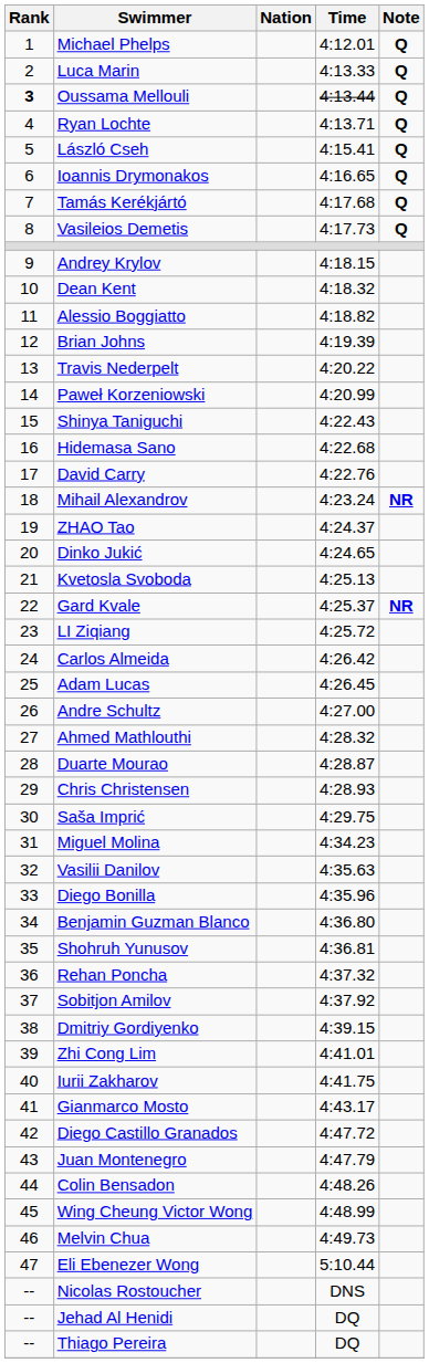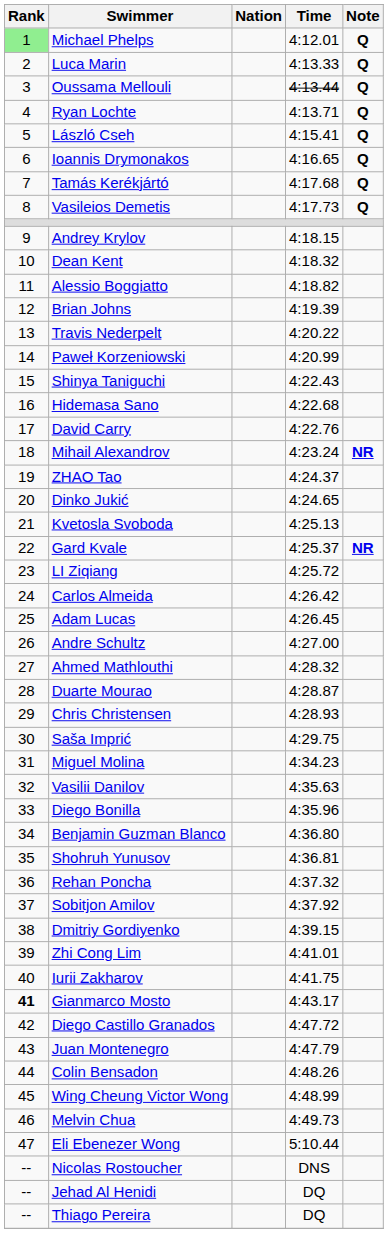 <table class="wikitable" style="text-align:center">
 <tr>
 <th>Rank</th>
 <th>Swimmer</th>
 <th>Nation</th>
 <th>Time</th>
 <th>Note</th>
 </tr>
 <tr>
-<td>1</td>
+<td style="background: lightgreen;">1</td>
 <td align=left><a href='#'>Michael Phelps</a></td>
 <td align=left></td>
 <td>4:12.01</td>
 <td><strong>Q</strong></td>
 </tr>
 <tr>
 <td>2</td>
 <td align=left><a href='#'>Luca Marin</a></td>
 <td align=left></td>
 <td>4:13.33</td>
 <td><strong>Q</strong></td>
 </tr>
 <tr>
-<td><strong>3</strong></td>
+<td>3</td>
 <td align=left><a href='#'>Oussama Mellouli</a></td>
 <td align=left></td>
 <td><s>4:13.44</s></td>
 <td><strong>Q</strong></td>
 </tr>
 <tr>
 <td>4</td>
 <td align=left><a href='#'>Ryan Lochte</a></td>
 <td align=left></td>
 <td>4:13.71</td>
 <td><strong>Q</strong></td>
 </tr>
 <tr>
 <td>5</td>
 <td align=left><a href='#'>László Cseh</a></td>
 <td align=left></td>
 <td>4:15.41</td>
 <td><strong>Q</strong></td>
 </tr>
 <tr>
 <td>6</td>
 <td align=left><a href='#'>Ioannis Drymonakos</a></td>
 <td align=left></td>
 <td>4:16.65</td>
 <td><strong>Q</strong></td>
 </tr>
 <tr>
 <td>7</td>
 <td align=left><a href='#'>Tamás Kerékjártó</a></td>
 <td align=left></td>
 <td>4:17.68</td>
 <td><strong>Q</strong></td>
 </tr>
 <tr>
 <td>8</td>
 <td align=left><a href='#'>Vasileios Demetis</a></td>
 <td align=left></td>
 <td>4:17.73</td>
 <td><strong>Q</strong></td>
 </tr>
 <tr bgcolor=#DDDDDD>
 <td colspan=5></td>
 </tr>
 <tr>
 <td>9</td>
 <td align=left><a href='#'>Andrey Krylov</a></td>
 <td align=left></td>
 <td>4:18.15</td>
 <td></td>
 </tr>
 <tr>
 <td>10</td>
 <td align=left><a href='#'>Dean Kent</a></td>
 <td align=left></td>
 <td>4:18.32</td>
 <td></td>
 </tr>
 <tr>
 <td>11</td>
 <td align=left><a href='#'>Alessio Boggiatto</a></td>
 <td align=left></td>
 <td>4:18.82</td>
 <td></td>
 </tr>
 <tr>
 <td>12</td>
 <td align=left><a href='#'>Brian Johns</a></td>
 <td align=left></td>
 <td>4:19.39</td>
 <td></td>
 </tr>
 <tr>
 <td>13</td>
 <td align=left><a href='#'>Travis Nederpelt</a></td>
 <td align=left></td>
 <td>4:20.22</td>
 <td></td>
 </tr>
 <tr>
 <td>14</td>
 <td align=left><a href='#'>Paweł Korzeniowski</a></td>
 <td align=left></td>
 <td>4:20.99</td>
 <td></td>
 </tr>
 <tr>
 <td>15</td>
 <td align=left><a href='#'>Shinya Taniguchi</a></td>
 <td align=left></td>
 <td>4:22.43</td>
 <td></td>
 </tr>
 <tr>
 <td>16</td>
 <td align=left><a href='#'>Hidemasa Sano</a></td>
 <td align=left></td>
 <td>4:22.68</td>
 <td></td>
 </tr>
 <tr>
 <td>17</td>
 <td align=left><a href='#'>David Carry</a></td>
 <td align=left></td>
 <td>4:22.76</td>
 <td></td>
 </tr>
 <tr>
 <td>18</td>
 <td align=left><a href='#'>Mihail Alexandrov</a></td>
 <td align=left></td>
 <td>4:23.24</td>
 <td><strong><a href='#'>NR</a></strong></td>
 </tr>
 <tr>
 <td>19</td>
 <td align=left><a href='#'>ZHAO Tao</a></td>
 <td align=left></td>
 <td>4:24.37</td>
 <td></td>
 </tr>
 <tr>
 <td>20</td>
 <td align=left><a href='#'>Dinko Jukić</a></td>
 <td align=left></td>
 <td>4:24.65</td>
 <td></td>
 </tr>
 <tr>
 <td>21</td>
 <td align=left><a href='#'>Kvetosla Svoboda</a></td>
 <td align=left></td>
 <td>4:25.13</td>
 <td></td>
 </tr>
 <tr>
 <td>22</td>
 <td align=left><a href='#'>Gard Kvale</a></td>
 <td align=left></td>
 <td>4:25.37</td>
 <td><strong><a href='#'>NR</a></strong></td>
 </tr>
 <tr>
 <td>23</td>
 <td align=left><a href='#'>LI Ziqiang</a></td>
 <td align=left></td>
 <td>4:25.72</td>
 <td></td>
 </tr>
 <tr>
 <td>24</td>
 <td align=left><a href='#'>Carlos Almeida</a></td>
 <td align=left></td>
 <td>4:26.42</td>
 <td></td>
 </tr>
 <tr>
 <td>25</td>
 <td align=left><a href='#'>Adam Lucas</a></td>
 <td align=left></td>
 <td>4:26.45</td>
 <td></td>
 </tr>
 <tr>
 <td>26</td>
 <td align=left><a href='#'>Andre Schultz</a></td>
 <td align=left></td>
 <td>4:27.00</td>
 <td></td>
 </tr>
 <tr>
 <td>27</td>
 <td align=left><a href='#'>Ahmed Mathlouthi</a></td>
 <td align=left></td>
 <td>4:28.32</td>
 <td></td>
 </tr>
 <tr>
 <td>28</td>
 <td align=left><a href='#'>Duarte Mourao</a></td>
 <td align=left></td>
 <td>4:28.87</td>
 <td></td>
 </tr>
 <tr>
 <td>29</td>
 <td align=left><a href='#'>Chris Christensen</a></td>
 <td align=left></td>
 <td>4:28.93</td>
 <td></td>
 </tr>
 <tr>
 <td>30</td>
 <td align=left><a href='#'>Saša Imprić</a></td>
 <td align=left></td>
 <td>4:29.75</td>
 <td></td>
 </tr>
 <tr>
 <td>31</td>
 <td align=left><a href='#'>Miguel Molina</a></td>
 <td align=left></td>
 <td>4:34.23</td>
 <td></td>
 </tr>
 <tr>
 <td>32</td>
 <td align=left><a href='#'>Vasilii Danilov</a></td>
 <td align=left></td>
 <td>4:35.63</td>
 <td></td>
 </tr>
 <tr>
 <td>33</td>
 <td align=left><a href='#'>Diego Bonilla</a></td>
 <td align=left></td>
 <td>4:35.96</td>
 <td></td>
 </tr>
 <tr>
 <td>34</td>
 <td align=left><a href='#'>Benjamin Guzman Blanco</a></td>
 <td align=left></td>
 <td>4:36.80</td>
 <td></td>
 </tr>
 <tr>
 <td>35</td>
 <td align=left><a href='#'>Shohruh Yunusov</a></td>
 <td align=left></td>
 <td>4:36.81</td>
 <td></td>
 </tr>
 <tr>
 <td>36</td>
 <td align=left><a href='#'>Rehan Poncha</a></td>
 <td align=left></td>
 <td>4:37.32</td>
 <td></td>
 </tr>
 <tr>
 <td>37</td>
 <td align=left><a href='#'>Sobitjon Amilov</a></td>
 <td align=left></td>
 <td>4:37.92</td>
 <td></td>
 </tr>
 <tr>
 <td>38</td>
 <td align=left><a href='#'>Dmitriy Gordiyenko</a></td>
 <td align=left></td>
 <td>4:39.15</td>
 <td></td>
 </tr>
 <tr>
 <td>39</td>
 <td align=left><a href='#'>Zhi Cong Lim</a></td>
 <td align=left></td>
 <td>4:41.01</td>
 <td></td>
 </tr>
 <tr>
 <td>40</td>
 <td align=left><a href='#'>Iurii Zakharov</a></td>
 <td align=left></td>
 <td>4:41.75</td>
 <td></td>
 </tr>
 <tr>
-<td>41</td>
+<td><strong>41</strong></td>
 <td align=left><a href='#'>Gianmarco Mosto</a></td>
 <td align=left></td>
 <td>4:43.17</td>
 <td></td>
 </tr>
 <tr>
 <td>42</td>
 <td align=left><a href='#'>Diego Castillo Granados</a></td>
 <td align=left></td>
 <td>4:47.72</td>
 <td></td>
 </tr>
 <tr>
 <td>43</td>
 <td align=left><a href='#'>Juan Montenegro</a></td>
 <td align=left></td>
 <td>4:47.79</td>
 <td></td>
 </tr>
 <tr>
 <td>44</td>
 <td align=left><a href='#'>Colin Bensadon</a></td>
 <td align=left></td>
 <td>4:48.26</td>
 <td></td>
 </tr>
 <tr>
 <td>45</td>
 <td align=left><a href='#'>Wing Cheung Victor Wong</a></td>
 <td align=left></td>
 <td>4:48.99</td>
 <td></td>
 </tr>
 <tr>
 <td>46</td>
 <td align=left><a href='#'>Melvin Chua</a></td>
 <td align=left></td>
 <td>4:49.73</td>
 <td></td>
 </tr>
 <tr>
 <td>47</td>
 <td align=left><a href='#'>Eli Ebenezer Wong</a></td>
 <td align=left></td>
 <td>5:10.44</td>
 <td></td>
 </tr>
 <tr>
 <td>--</td>
 <td align=left><a href='#'>Nicolas Rostoucher</a></td>
 <td align=left></td>
 <td>DNS</td>
 <td></td>
 </tr>
 <tr>
 <td>--</td>
 <td align=left><a href='#'>Jehad Al Henidi</a></td>
 <td align=left></td>
 <td>DQ</td>
 <td></td>
 </tr>
 <tr>
 <td>--</td>
 <td align=left><a href='#'>Thiago Pereira</a></td>
 <td align=left></td>
 <td>DQ</td>
 <td></td>
 </tr>
 <tr>
 </tr>
 </table>
